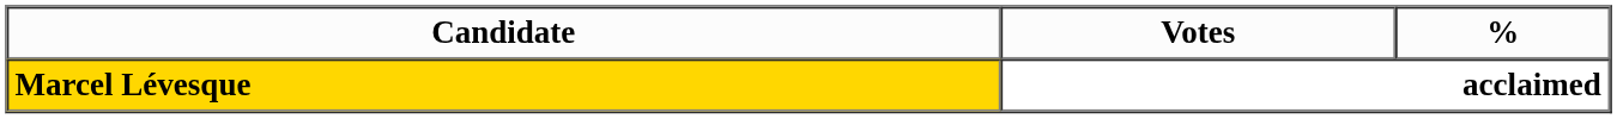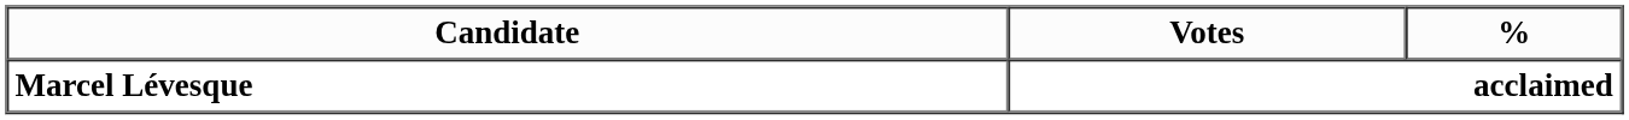 <table border="1" cellpadding="3" cellspacing="0" style="border-collapse: collapse border-color: #444444" width="40%">
 <tr bgcolor=#fcfcfc>
 <th>Candidate</th>
 <th>Votes</th>
 <th>%</th>
 </tr>
 <tr>
-<td align="left" style="background: gold;"><strong>Marcel Lévesque</strong></td>
+<td align="left"><strong>Marcel Lévesque</strong></td>
 <td align="right" colspan="2" align="center"><strong>acclaimed</strong></td>
 </tr>
 </table>
